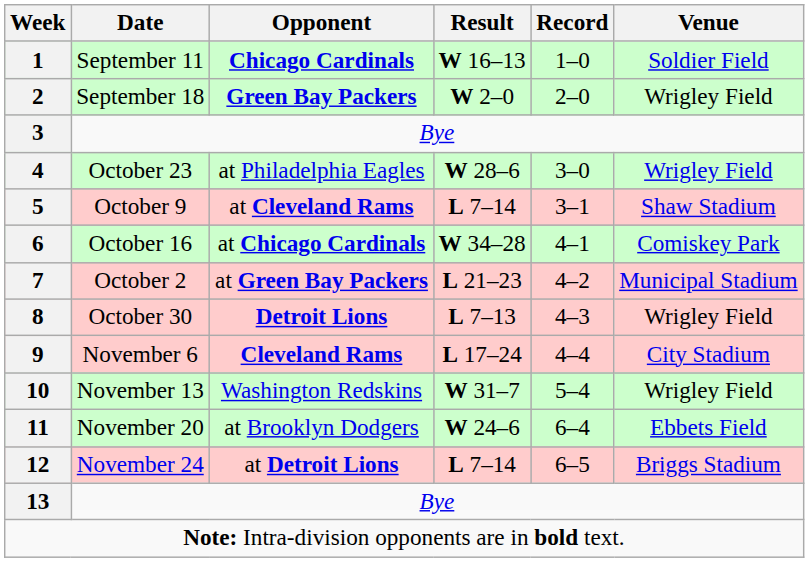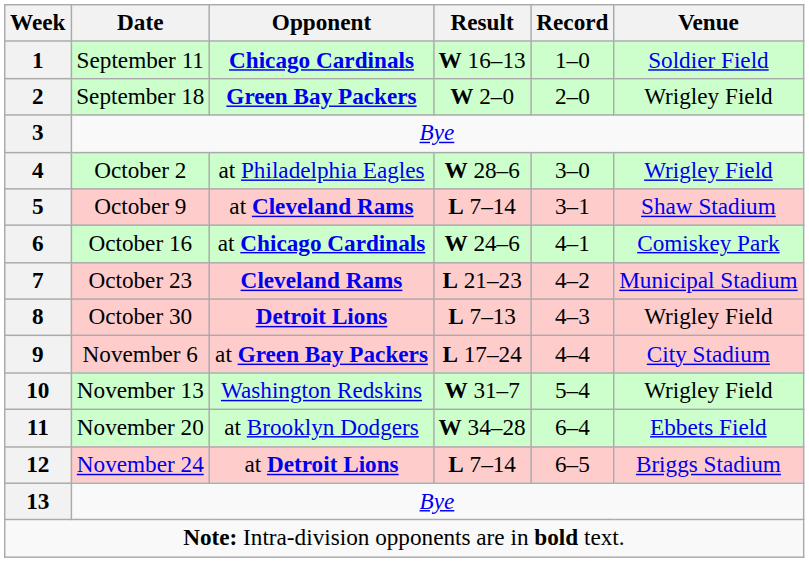 <table class="wikitable" style="text-align:center">
 <tr>
 <th>Week</th>
 <th>Date</th>
 <th>Opponent</th>
 <th>Result</th>
 <th>Record</th>
 <th>Venue</th>
 </tr>
 <tr style="background:#cfc">
 <th>1</th>
 <td>September 11</td>
 <td><strong><a href='#'>Chicago Cardinals</a></strong></td>
 <td><strong>W</strong> 16–13</td>
 <td>1–0</td>
 <td><a href='#'>Soldier Field</a></td>
 </tr>
 <tr style="background:#cfc">
 <th>2</th>
 <td>September 18</td>
 <td><strong><a href='#'>Green Bay Packers</a></strong></td>
 <td><strong>W</strong> 2–0</td>
 <td>2–0</td>
 <td>Wrigley Field</td>
 </tr>
 <tr>
 <th>3</th>
 <td colspan="6"><em><a href='#'>Bye</a></em></td>
 </tr>
 <tr style="background:#cfc">
 <th>4</th>
-<td>October 23</td>
+<td>October 2</td>
 <td>at <a href='#'>Philadelphia Eagles</a></td>
 <td><strong>W</strong> 28–6</td>
 <td>3–0</td>
 <td><a href='#'>Wrigley Field</a></td>
 </tr>
 <tr style="background:#fcc">
 <th>5</th>
 <td>October 9</td>
 <td>at <strong><a href='#'>Cleveland Rams</a></strong></td>
 <td><strong>L</strong> 7–14</td>
 <td>3–1</td>
 <td><a href='#'>Shaw Stadium</a></td>
 </tr>
 <tr style="background:#cfc">
 <th>6</th>
 <td>October 16</td>
 <td>at <strong><a href='#'>Chicago Cardinals</a></strong></td>
-<td><strong>W</strong> 34–28</td>
+<td><strong>W</strong> 24–6</td>
 <td>4–1</td>
 <td><a href='#'>Comiskey Park</a></td>
 </tr>
 <tr style="background:#fcc">
 <th>7</th>
-<td>October 2</td>
-<td>at <strong><a href='#'>Green Bay Packers</a></strong></td>
+<td>October 23</td>
+<td><strong><a href='#'>Cleveland Rams</a></strong></td>
 <td><strong>L</strong> 21–23</td>
 <td>4–2</td>
 <td><a href='#'>Municipal Stadium</a></td>
 </tr>
 <tr style="background:#fcc">
 <th>8</th>
 <td>October 30</td>
 <td><strong><a href='#'>Detroit Lions</a></strong></td>
 <td><strong>L</strong> 7–13</td>
 <td>4–3</td>
 <td>Wrigley Field</td>
 </tr>
 <tr style="background:#fcc">
 <th>9</th>
 <td>November 6</td>
-<td><strong><a href='#'>Cleveland Rams</a></strong></td>
+<td>at <strong><a href='#'>Green Bay Packers</a></strong></td>
 <td><strong>L</strong> 17–24</td>
 <td>4–4</td>
 <td><a href='#'>City Stadium</a></td>
 </tr>
 <tr style="background:#cfc">
 <th>10</th>
 <td>November 13</td>
 <td><a href='#'>Washington Redskins</a></td>
 <td><strong>W</strong> 31–7</td>
 <td>5–4</td>
 <td>Wrigley Field</td>
 </tr>
 <tr style="background:#cfc">
 <th>11</th>
 <td>November 20</td>
 <td>at <a href='#'>Brooklyn Dodgers</a></td>
-<td><strong>W</strong> 24–6</td>
+<td><strong>W</strong> 34–28</td>
 <td>6–4</td>
 <td><a href='#'>Ebbets Field</a></td>
 </tr>
 <tr style="background:#fcc">
 <th>12</th>
 <td><a href='#'>November 24</a></td>
 <td>at <strong><a href='#'>Detroit Lions</a></strong></td>
 <td><strong>L</strong> 7–14</td>
 <td>6–5</td>
 <td><a href='#'>Briggs Stadium</a></td>
 </tr>
 <tr>
 <th>13</th>
 <td colspan="7"><em><a href='#'>Bye</a></em></td>
 </tr>
 <tr>
 <td colspan="8"><strong>Note:</strong> Intra-division opponents are in <strong>bold</strong> text.</td>
 </tr>
 </table>
